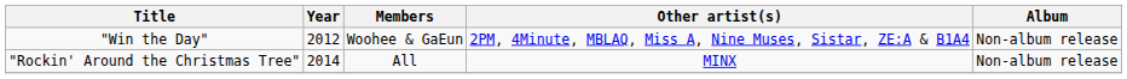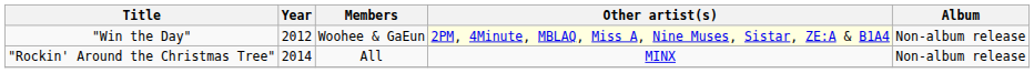 <table class="wikitable" style="text-align:center;">
 <tr>
 <th scope="col">Title</th>
 <th scope="col">Year</th>
 <th scope="col">Members</th>
 <th scope="col">Other artist(s)</th>
 <th scope="col">Album</th>
 </tr>
 <tr>
 <td>"Win the Day"</td>
 <td>2012</td>
 <td>Woohee & GaEun</td>
-<td><a href='#'>2PM</a>, <a href='#'>4Minute</a>, <a href='#'>MBLAQ</a>, <a href='#'>Miss A</a>, <a href='#'>Nine Muses</a>, <a href='#'>Sistar</a>, <a href='#'>ZE:A</a> & <a href='#'>B1A4</a></td>
+<td style="background: lightyellow;"><a href='#'>2PM</a>, <a href='#'>4Minute</a>, <a href='#'>MBLAQ</a>, <a href='#'>Miss A</a>, <a href='#'>Nine Muses</a>, <a href='#'>Sistar</a>, <a href='#'>ZE:A</a> & <a href='#'>B1A4</a></td>
 <td>Non-album release</td>
 </tr>
 <tr>
 <td>"Rockin' Around the Christmas Tree"</td>
 <td>2014</td>
 <td>All</td>
 <td><a href='#'>MINX</a></td>
 <td>Non-album release</td>
 </tr>
 <tr>
 </tr>
 </table>
